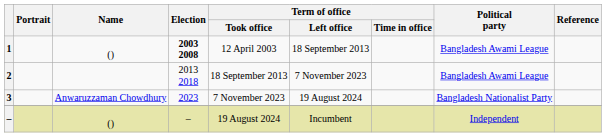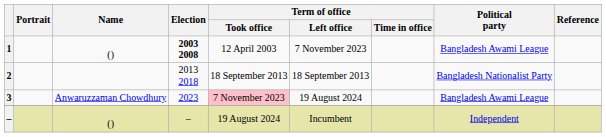 <table class="wikitable" style="text-align:center">
 <tr>
 <th rowspan="2"></th>
 <th rowspan="2">Portrait</th>
 <th rowspan="2">Name<br></th>
 <th rowspan="2">Election</th>
 <th colspan="3"><strong>Term of office</strong></th>
 <th rowspan="2"><strong>Political<br> party</strong></th>
 <th rowspan="2"><strong>Reference</strong></th>
 </tr>
 <tr>
 <th><strong>Took office</strong></th>
 <th><strong>Left office</strong></th>
 <th><strong>Time in office</strong></th>
 </tr>
 <tr>
 <th style="background:">1</th>
 <td align=center></td>
 <td><br>()</td>
 <td><strong>2003<br>2008</strong></td>
 <td align=center>12 April 2003</td>
-<td align=center>18 September 2013</td>
+<td align=center>7 November 2023</td>
 <td></td>
 <td><a href='#'>Bangladesh Awami League</a></td>
 <td></td>
 </tr>
 <tr>
 <th style="background:">2</th>
 <td align=center></td>
 <td></td>
 <td>2013<br><a href='#'>2018</a></td>
 <td align=center>18 September 2013</td>
-<td align=center>7 November 2023</td>
+<td align=center>18 September 2013</td>
 <td></td>
-<td><a href='#'>Bangladesh Awami League</a></td>
+<td><a href='#'>Bangladesh Nationalist Party</a></td>
 <td></td>
 </tr>
 <tr>
 <th style="background:">3</th>
 <td align=center></td>
 <td><a href='#'>Anwaruzzaman Chowdhury</a></td>
 <td><a href='#'>2023</a></td>
-<td>7 November 2023</td>
+<td style="background: pink;">7 November 2023</td>
 <td>19 August 2024</td>
 <td></td>
-<td><a href='#'>Bangladesh Nationalist Party</a></td>
+<td><a href='#'>Bangladesh Awami League</a></td>
 <td></td>
 </tr>
 <tr>
 </tr>
 <tr style="background:#e6e6aa;">
 <th style="background:">–</th>
 <td align=center></td>
 <td> <br>()</td>
 <td>–</td>
 <td align=center>19 August 2024</td>
 <td align=center>Incumbent</td>
 <td></td>
 <td><a href='#'>Independent</a></td>
 <td></td>
 </tr>
 </table>
